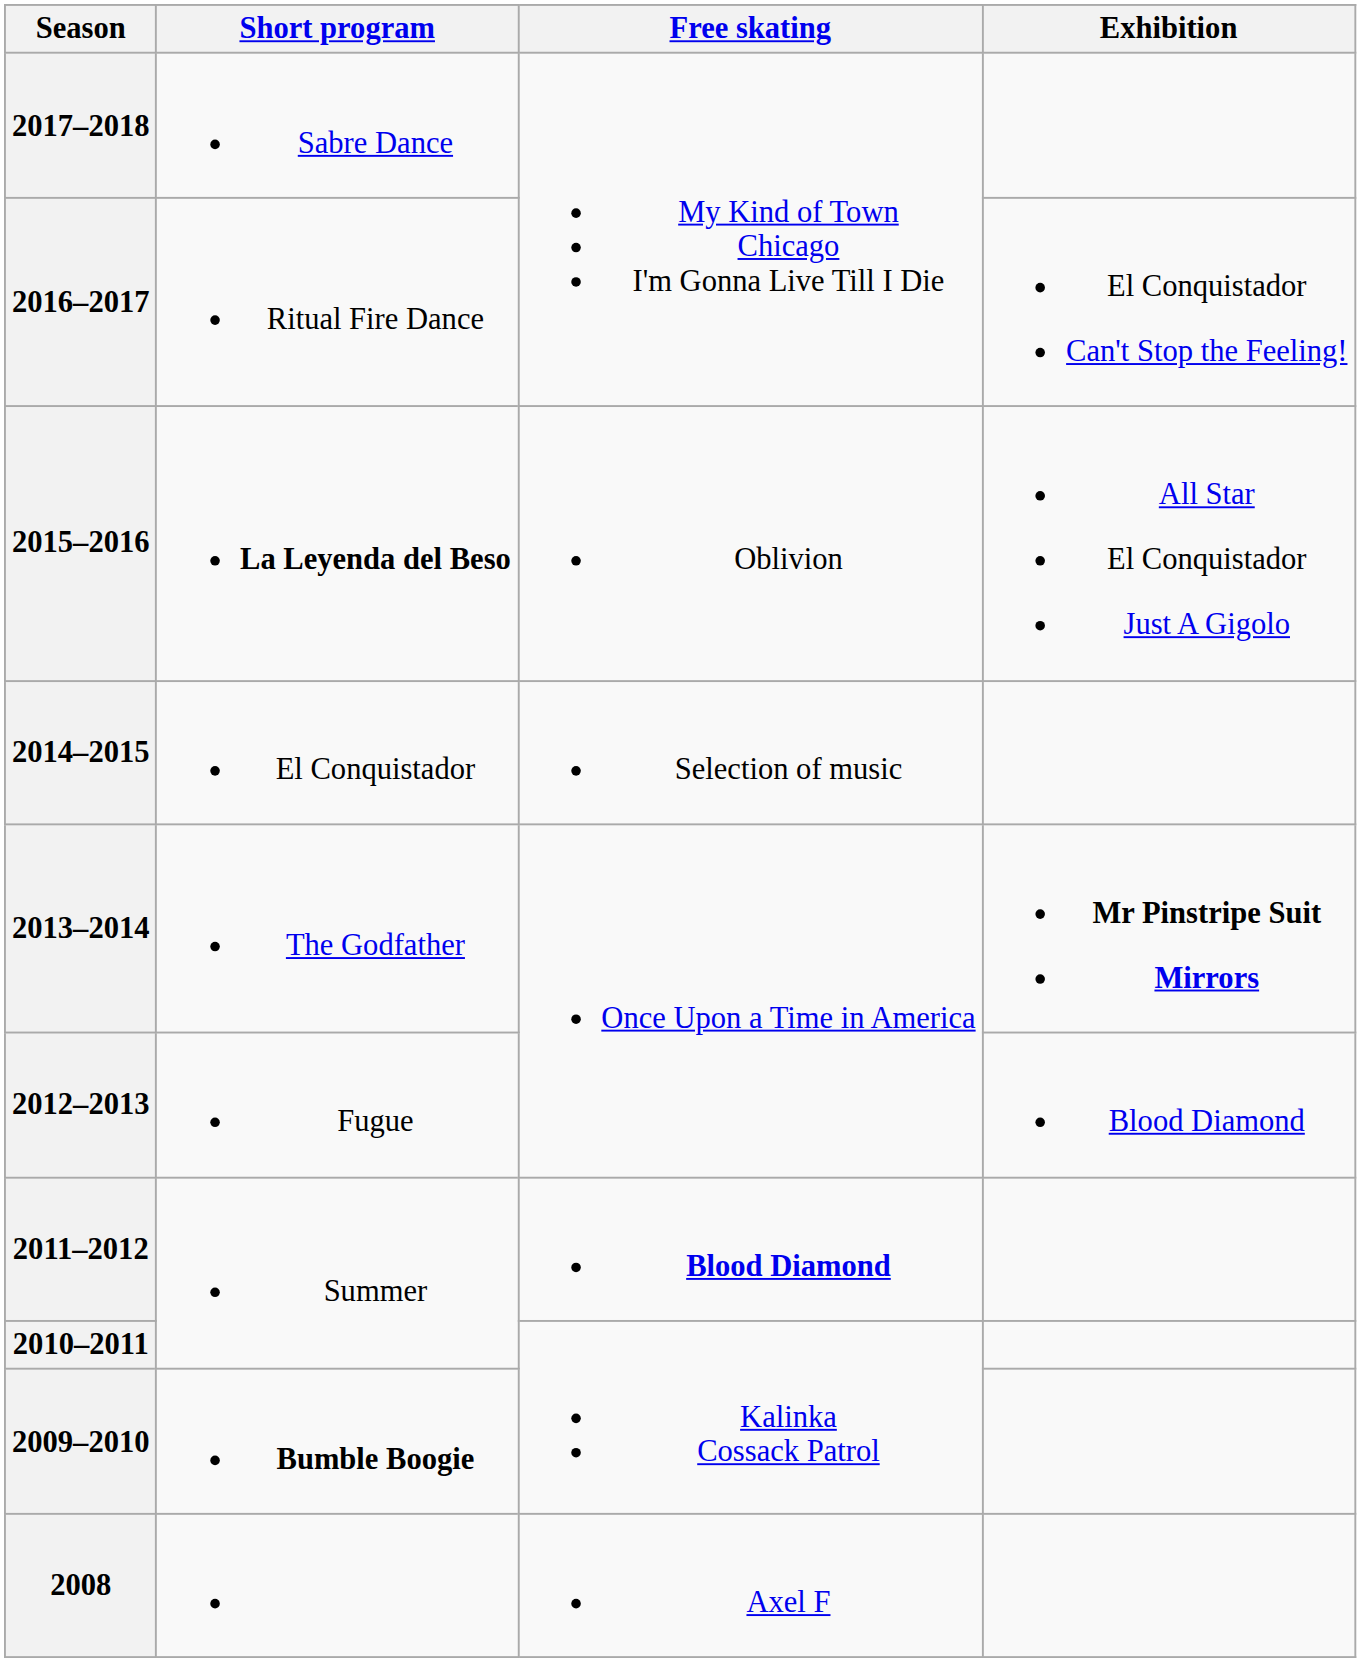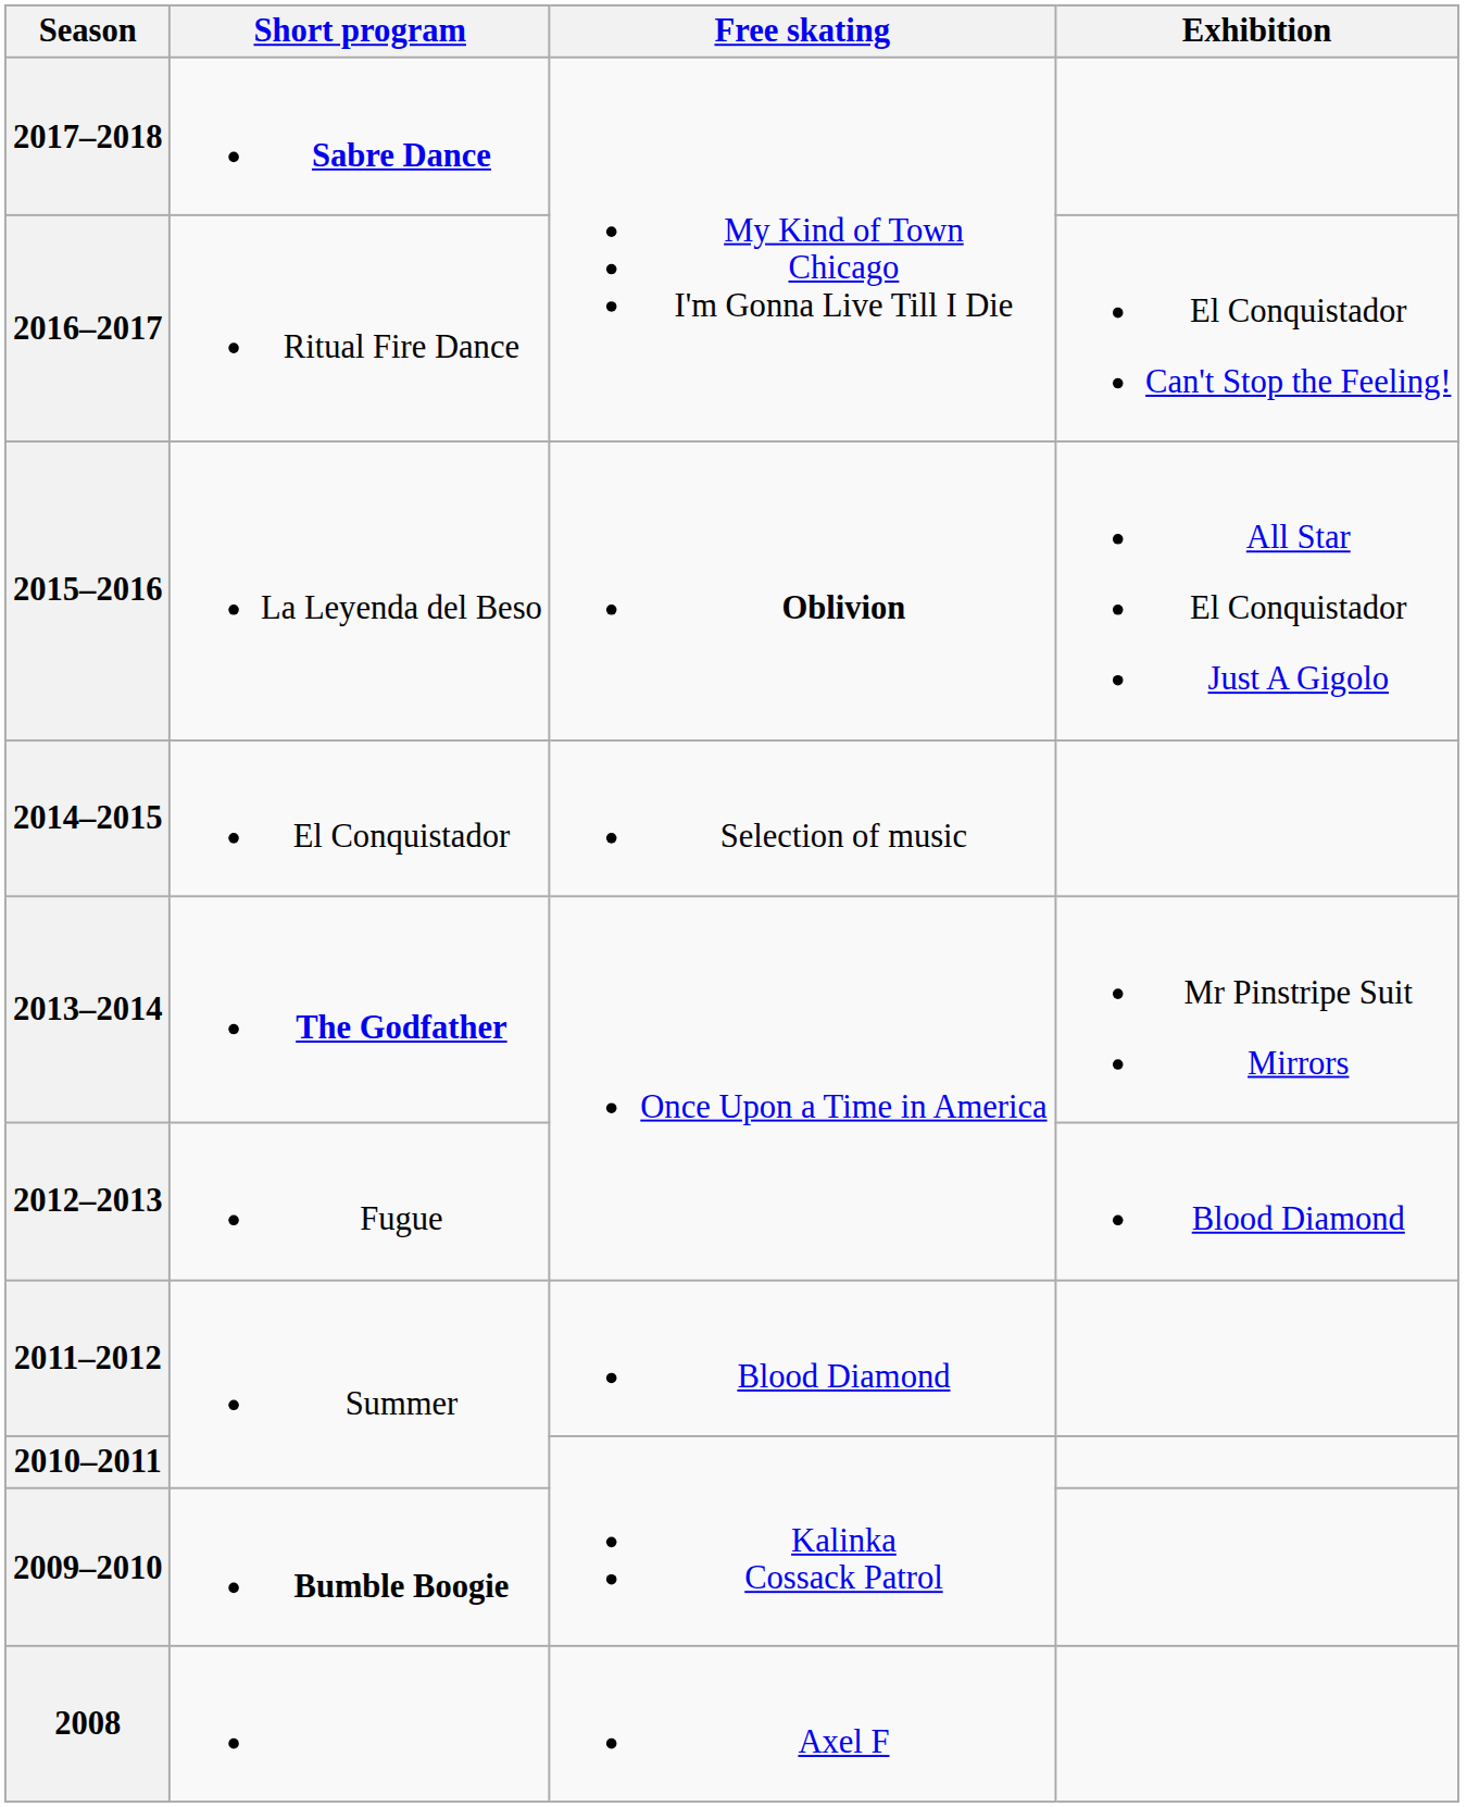 <table class=wikitable style=text-align:center>
 <tr>
 <th>Season</th>
 <th><a href='#'>Short program</a></th>
 <th><a href='#'>Free skating</a></th>
 <th>Exhibition</th>
 </tr>
 <tr>
 <th>2017–2018 <br></th>
-<td><br><ul><li><a href='#'>Sabre Dance</a> <br> </li></ul></td>
+<td><strong><br><ul><li><a href='#'>Sabre Dance</a> <br> </li></ul></strong></td>
 <td rowspan=2><br><ul><li><a href='#'>My Kind of Town</a></li><li><a href='#'>Chicago</a></li><li>I'm Gonna Live Till I Die <br></li></ul></td>
 <td></td>
 </tr>
 <tr>
 <th>2016–2017 <br></th>
 <td><br><ul><li>Ritual Fire Dance <br></li></ul></td>
 <td><br><ul><li>El Conquistador <br></li></ul><ul><li><a href='#'>Can't Stop the Feeling!</a> <br> </li></ul></td>
 </tr>
 <tr>
 <th>2015–2016 <br> </th>
-<td><strong><br><ul><li>La Leyenda del Beso <br></li></ul></strong></td>
-<td><br><ul><li>Oblivion <br></li></ul></td>
+<td><br><ul><li>La Leyenda del Beso <br></li></ul></td>
+<td><strong><br><ul><li>Oblivion <br></li></ul></strong></td>
 <td><br><ul><li><a href='#'>All Star</a> <br></li></ul><ul><li>El Conquistador <br></li></ul><ul><li><a href='#'>Just A Gigolo</a> <br></li></ul></td>
 </tr>
 <tr>
 <th>2014–2015 <br> </th>
 <td><br><ul><li>El Conquistador <br></li></ul></td>
 <td><br><ul><li>Selection of music <br></li></ul></td>
 <td></td>
 </tr>
 <tr>
 <th>2013–2014 <br> </th>
-<td><br><ul><li><a href='#'>The Godfather</a> <br></li></ul></td>
+<td><strong><br><ul><li><a href='#'>The Godfather</a> <br></li></ul></strong></td>
 <td rowspan=2><br><ul><li><a href='#'>Once Upon a Time in America</a> <br></li></ul></td>
-<td><strong><br><ul><li>Mr Pinstripe Suit <br></li></ul><ul><li><a href='#'>Mirrors</a> <br></li></ul></strong></td>
+<td><br><ul><li>Mr Pinstripe Suit <br></li></ul><ul><li><a href='#'>Mirrors</a> <br></li></ul></td>
 </tr>
 <tr>
 <th>2012–2013 <br> </th>
 <td><br><ul><li>Fugue <br></li></ul></td>
 <td><br><ul><li><a href='#'>Blood Diamond</a> <br></li></ul></td>
 </tr>
 <tr>
 <th>2011–2012</th>
 <td rowspan=2><br><ul><li>Summer <br></li></ul></td>
-<td><strong><br><ul><li><a href='#'>Blood Diamond</a> <br></li></ul></strong></td>
+<td><br><ul><li><a href='#'>Blood Diamond</a> <br></li></ul></td>
 <td></td>
 </tr>
 <tr>
 <th>2010–2011</th>
 <td rowspan=2><br><ul><li><a href='#'>Kalinka</a></li><li><a href='#'>Cossack Patrol</a></li></ul></td>
 <td></td>
 </tr>
 <tr>
 <th>2009–2010</th>
 <td><strong><br><ul><li>Bumble Boogie</li></ul></strong></td>
 <td></td>
 </tr>
 <tr>
 <th>2008</th>
 <td><br><ul><li></li></ul></td>
 <td><br><ul><li><a href='#'>Axel F</a> <br></li></ul></td>
 <td></td>
 </tr>
 </table>
